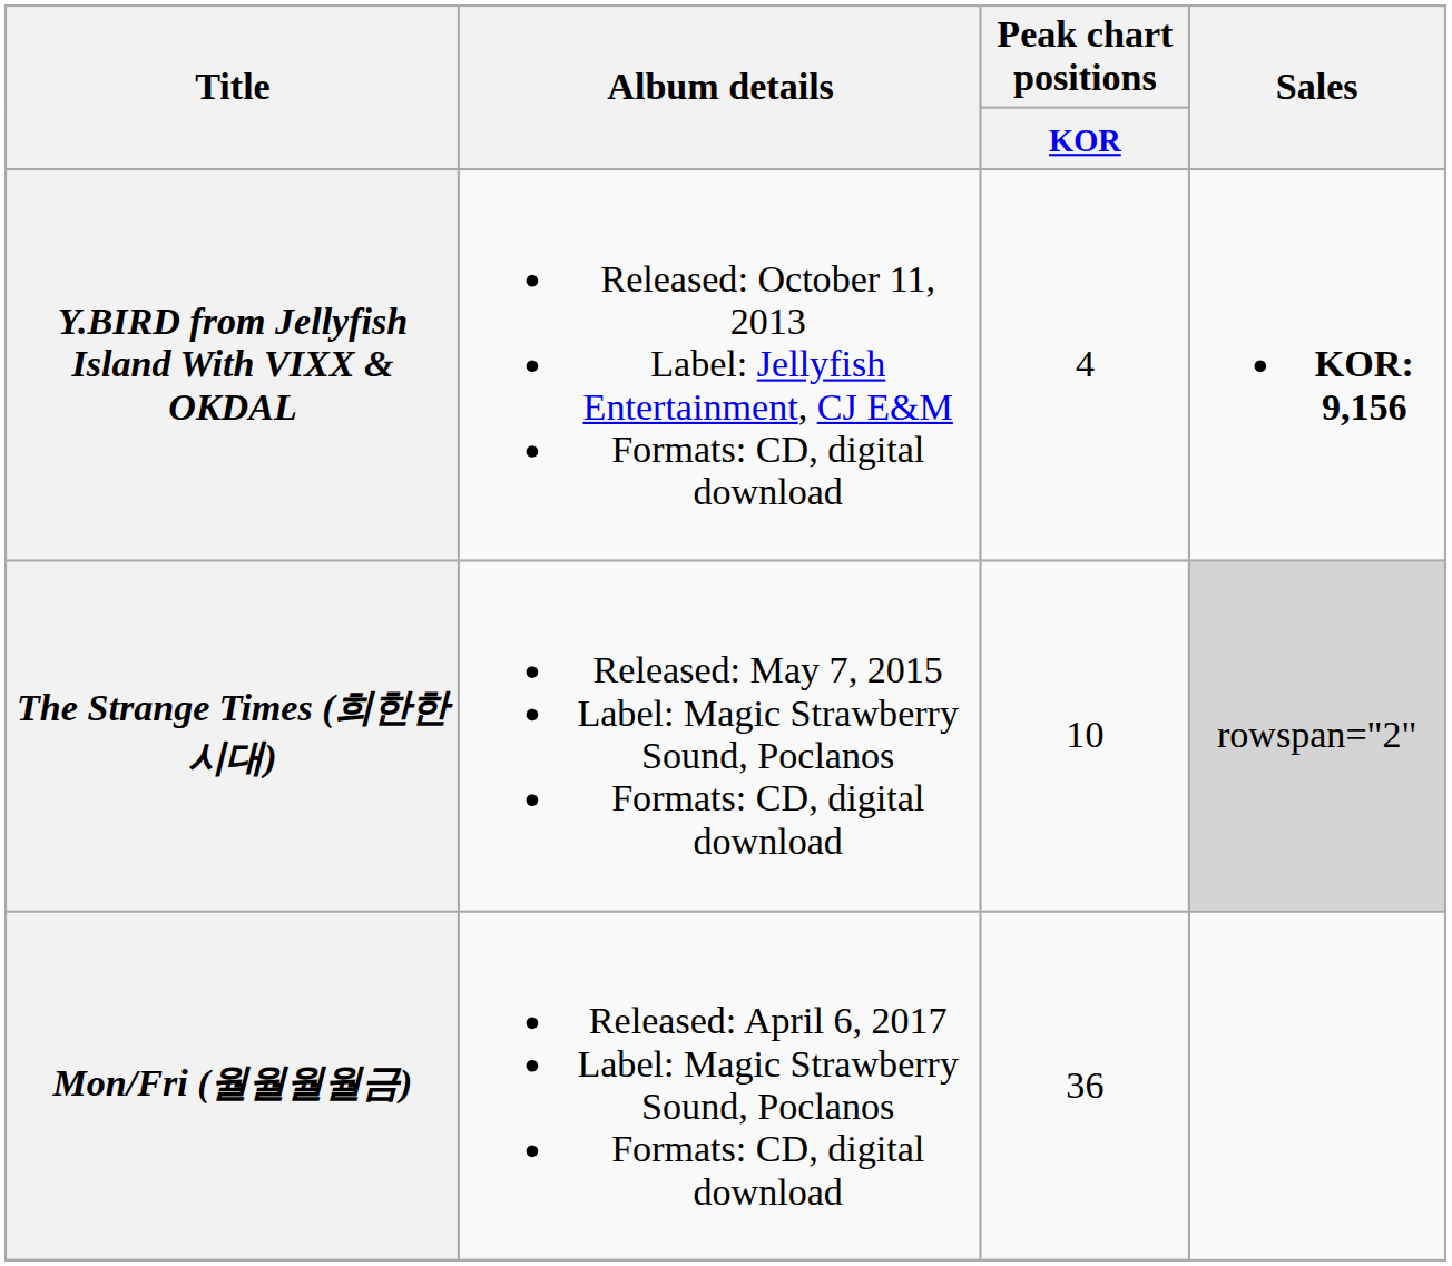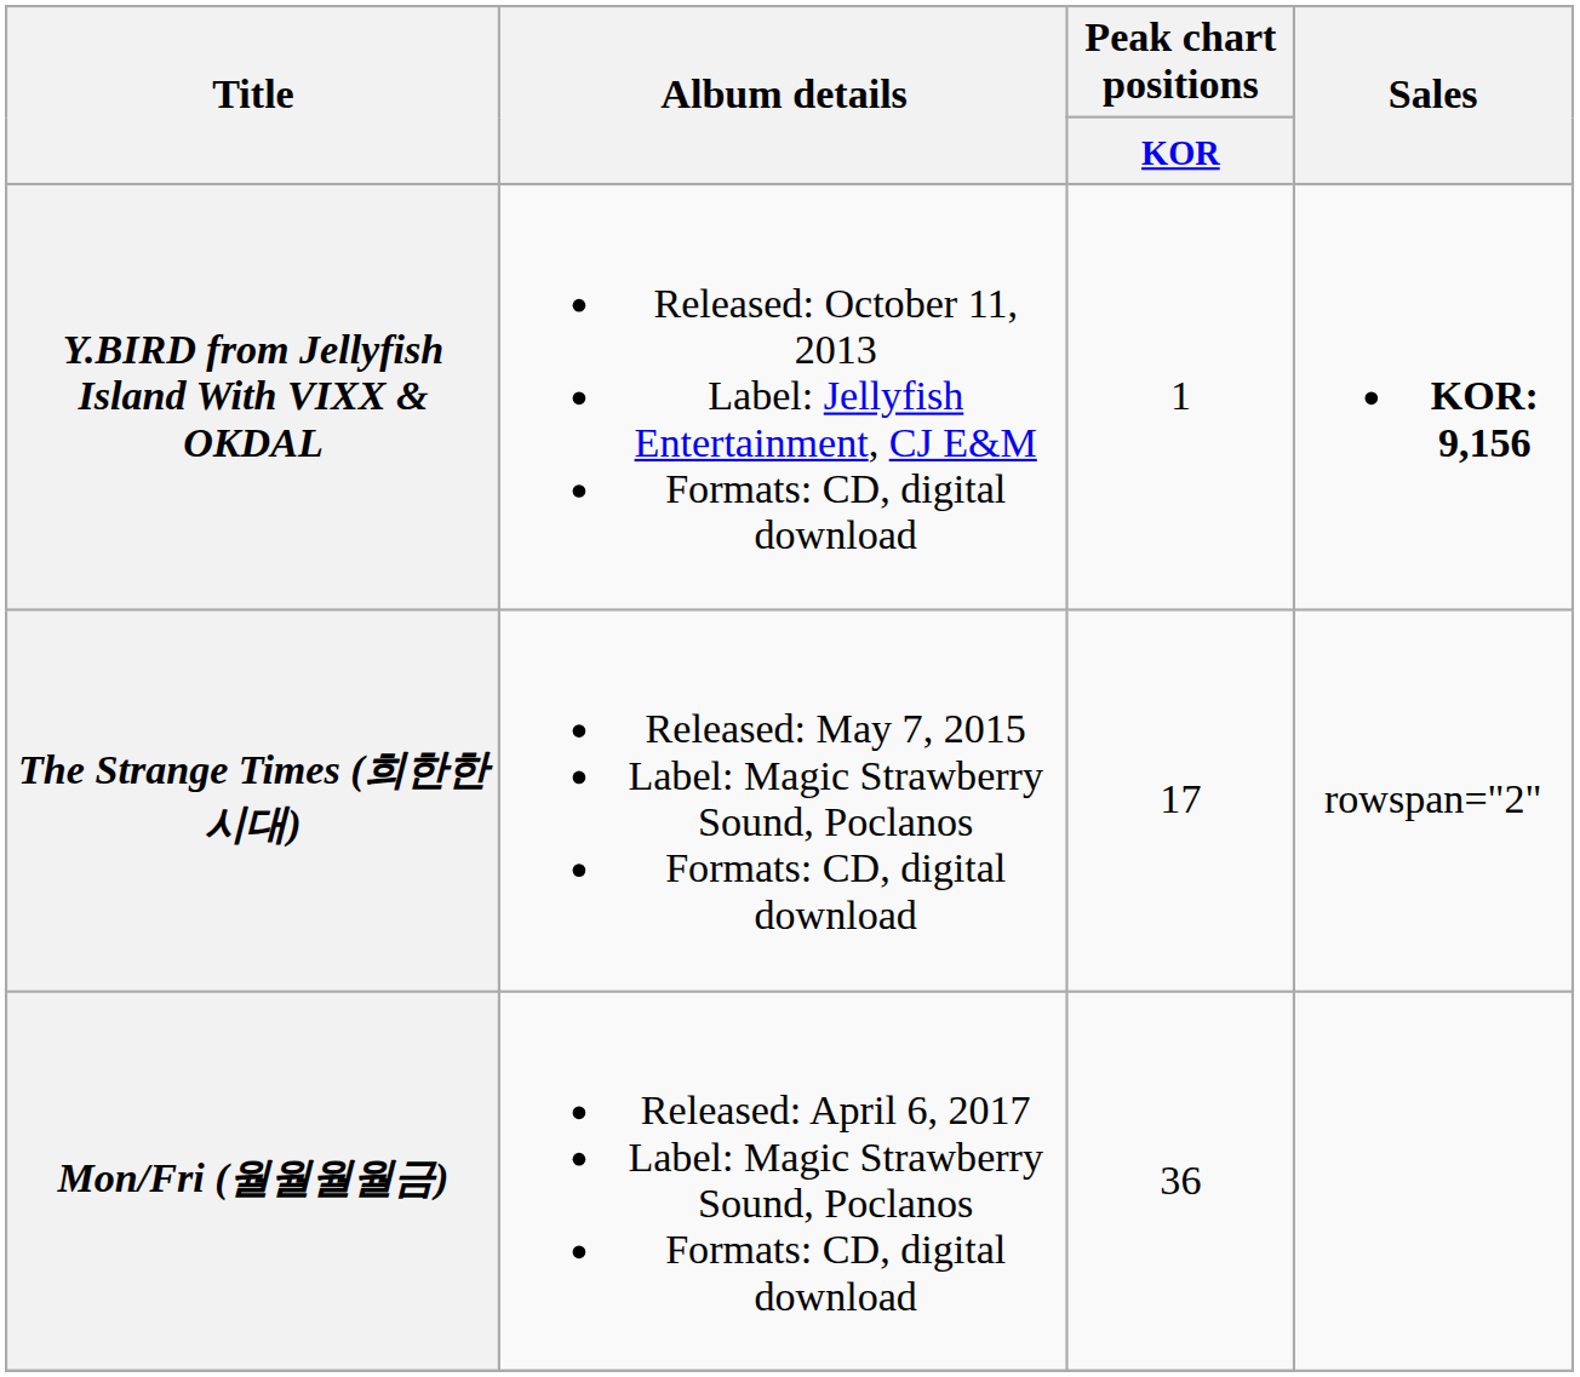 <table class="wikitable plainrowheaders" style="text-align:center;">
 <tr>
 <th scope="col" rowspan="2">Title</th>
 <th scope="col" rowspan="2">Album details</th>
 <th scope="col" colspan="1" style="width:5em;">Peak chart positions</th>
 <th scope="col" rowspan="2">Sales</th>
 </tr>
 <tr>
 <th><small><a href='#'>KOR</a></small><br></th>
 </tr>
 <tr>
 <th scope="row"><em>Y.BIRD from Jellyfish Island With VIXX & OKDAL</em></th>
 <td><br><ul><li>Released: October 11, 2013</li><li>Label: <a href='#'>Jellyfish Entertainment</a>, <a href='#'>CJ E&M</a></li><li>Formats: CD, digital download</li></ul></td>
-<td>4</td>
+<td>1</td>
 <td><strong><br><ul><li>KOR: 9,156</li></ul></strong></td>
 </tr>
 <tr>
 <th scope="row"><em>The Strange Times (희한한 시대)</em></th>
 <td><br><ul><li>Released: May 7, 2015</li><li>Label: Magic Strawberry Sound, Poclanos</li><li>Formats: CD, digital download</li></ul></td>
-<td>10</td>
-<td style="background: lightgrey;">rowspan="2" </td>
+<td>17</td>
+<td>rowspan="2" </td>
 </tr>
 <tr>
 <th scope="row"><em>Mon/Fri (월월월월금)</em></th>
 <td><br><ul><li>Released: April 6, 2017</li><li>Label: Magic Strawberry Sound, Poclanos</li><li>Formats: CD, digital download</li></ul></td>
 <td>36</td>
 </tr>
 <tr>
 </tr>
 </table>
